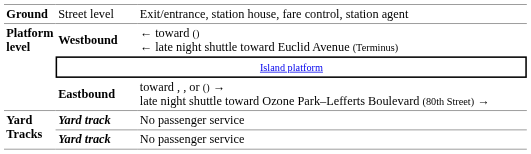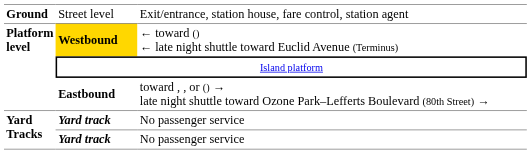 <table table border=0 cellspacing=0 cellpadding=3>
 <tr>
 <td style="border-top:solid 1px gray;" width=50><strong>Ground</strong></td>
 <td style="border-top:solid 1px gray;" width=100>Street level</td>
 <td style="border-top:solid 1px gray;" width=500>Exit/entrance, station house, fare control, station agent</td>
 </tr>
 <tr>
 <td style="border-top:solid 1px gray;border-bottom:solid 1px gray;" rowspan=3 valign=top><strong>Platform level</strong></td>
-<td style="border-top:solid 1px gray;"><span><strong>Westbound</strong></span></td>
+<td style="background: gold; border-top:solid 1px gray;"><span><strong>Westbound</strong></span></td>
 <td style="border-top:solid 1px gray;">←  toward  <small>()</small><br>←  late night shuttle toward Euclid Avenue <small>(Terminus)</small></td>
 </tr>
 <tr>
 <td style="border-top:solid 2px black;border-right:solid 2px black;border-left:solid 2px black;border-bottom:solid 2px black;text-align:center;" colspan=2><small><a href='#'>Island platform</a></small></td>
 </tr>
 <tr>
 <td style="border-bottom:solid 1px gray;"><span><strong>Eastbound</strong></span></td>
 <td style="border-bottom:solid 1px gray;">  toward , , or  <small>()</small> →<br>  late night shuttle toward Ozone Park–Lefferts Boulevard <small>(80th Street)</small> →</td>
 </tr>
 <tr>
 <td style="border-bottom:solid 1px gray;" rowspan=2 valign=top><strong>Yard Tracks</strong></td>
 <td style="border-bottom:solid 1px gray;"><strong><em>Yard track</em></strong></td>
 <td style="border-bottom:solid 1px gray;"> No passenger service</td>
 </tr>
 <tr>
 <td style="border-bottom:solid 1px gray;"><strong><em>Yard track</em></strong></td>
 <td style="border-bottom:solid 1px gray;"> No passenger service</td>
 </tr>
 </table>
